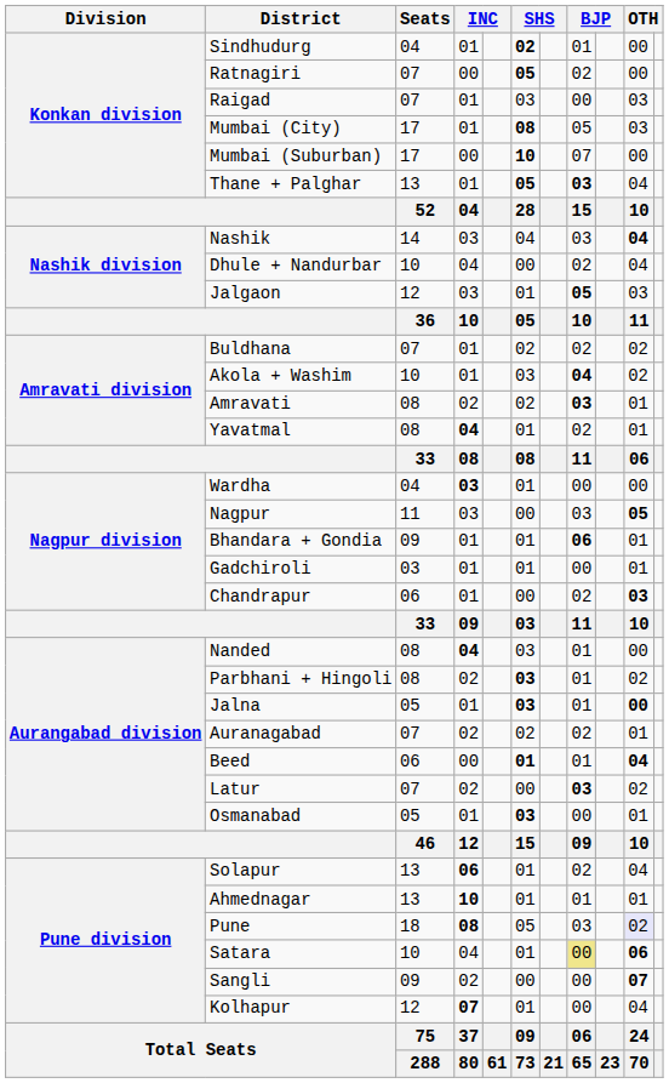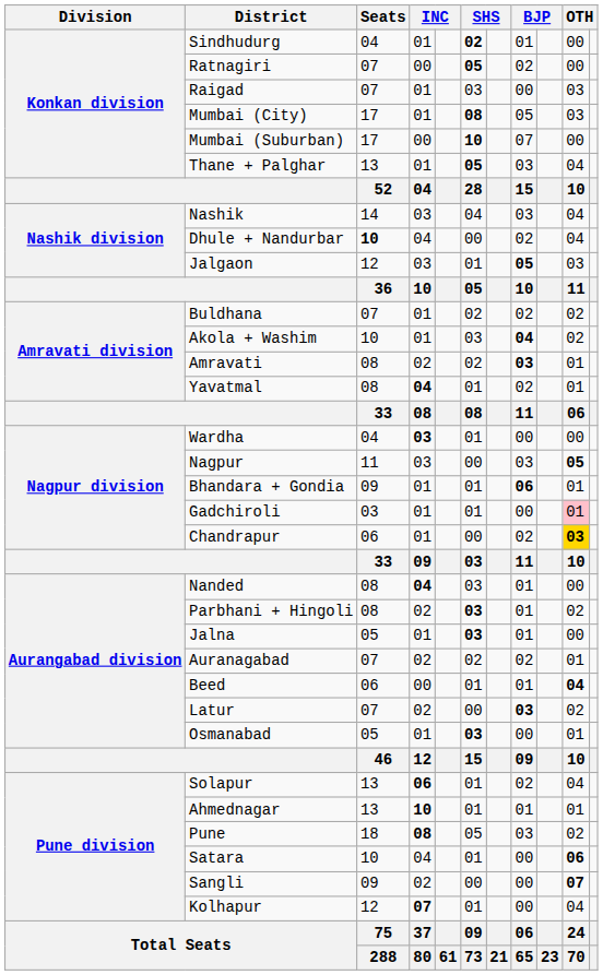 <table class="wikitable">
 <tr>
 <th>Division</th>
 <th>District</th>
 <th>Seats</th>
 <th colspan="2"><a href='#'>INC</a></th>
 <th colspan="2"><a href='#'>SHS</a></th>
 <th colspan="2"><a href='#'>BJP</a></th>
 <th colspan="2">OTH</th>
 </tr>
 <tr>
 <th rowspan="6"><a href='#'>Konkan division</a></th>
 <td>Sindhudurg</td>
 <td>04</td>
 <td>01</td>
 <td></td>
 <td><strong>02</strong></td>
 <td></td>
 <td>01</td>
 <td></td>
 <td>00</td>
 <td></td>
 </tr>
 <tr>
 <td>Ratnagiri</td>
 <td>07</td>
 <td>00</td>
 <td></td>
 <td><strong>05</strong></td>
 <td></td>
 <td>02</td>
 <td></td>
 <td>00</td>
 <td></td>
 </tr>
 <tr>
 <td>Raigad</td>
 <td>07</td>
 <td>01</td>
 <td></td>
 <td>03</td>
 <td></td>
 <td>00</td>
 <td></td>
 <td>03</td>
 <td></td>
 </tr>
 <tr>
 <td>Mumbai (City)</td>
 <td>17</td>
 <td>01</td>
 <td></td>
 <td><strong>08</strong></td>
 <td></td>
 <td>05</td>
 <td></td>
 <td>03</td>
 <td></td>
 </tr>
 <tr>
 <td>Mumbai (Suburban)</td>
 <td>17</td>
 <td>00</td>
 <td></td>
 <td><strong>10</strong></td>
 <td></td>
 <td>07</td>
 <td></td>
 <td>00</td>
 <td></td>
 </tr>
 <tr>
 <td>Thane + Palghar</td>
 <td>13</td>
 <td>01</td>
 <td></td>
 <td><strong>05</strong></td>
 <td></td>
-<td><strong>03</strong></td>
+<td>03</td>
 <td></td>
 <td>04</td>
 <td></td>
 </tr>
 <tr>
 <th colspan="2"></th>
 <th>52</th>
 <th>04</th>
 <th></th>
 <th>28</th>
 <th></th>
 <th>15</th>
 <th></th>
 <th>10</th>
 <th></th>
 </tr>
 <tr>
 <th rowspan="3"><a href='#'>Nashik division</a></th>
 <td>Nashik</td>
 <td>14</td>
 <td>03</td>
 <td></td>
 <td>04</td>
 <td></td>
 <td>03</td>
 <td></td>
-<td><strong>04</strong></td>
+<td>04</td>
 <td></td>
 </tr>
 <tr>
 <td>Dhule + Nandurbar</td>
-<td>10</td>
+<td><strong>10</strong></td>
 <td>04</td>
 <td></td>
 <td>00</td>
 <td></td>
 <td>02</td>
 <td></td>
 <td>04</td>
 <td></td>
 </tr>
 <tr>
 <td>Jalgaon</td>
 <td>12</td>
 <td>03</td>
 <td></td>
 <td>01</td>
 <td></td>
 <td><strong>05</strong></td>
 <td></td>
 <td>03</td>
 <td></td>
 </tr>
 <tr>
 <th colspan="2"></th>
 <th>36</th>
 <th>10</th>
 <th></th>
 <th>05</th>
 <th></th>
 <th>10</th>
 <th></th>
 <th>11</th>
 <th></th>
 </tr>
 <tr>
 <th rowspan="4"><a href='#'>Amravati division</a></th>
 <td>Buldhana</td>
 <td>07</td>
 <td>01</td>
 <td></td>
 <td>02</td>
 <td></td>
 <td>02</td>
 <td></td>
 <td>02</td>
 <td></td>
 </tr>
 <tr>
 <td>Akola + Washim</td>
 <td>10</td>
 <td>01</td>
 <td></td>
 <td>03</td>
 <td></td>
 <td><strong>04</strong></td>
 <td></td>
 <td>02</td>
 <td></td>
 </tr>
 <tr>
 <td>Amravati</td>
 <td>08</td>
 <td>02</td>
 <td></td>
 <td>02</td>
 <td></td>
 <td><strong>03</strong></td>
 <td></td>
 <td>01</td>
 <td></td>
 </tr>
 <tr>
 <td>Yavatmal</td>
 <td>08</td>
 <td><strong>04</strong></td>
 <td></td>
 <td>01</td>
 <td></td>
 <td>02</td>
 <td></td>
 <td>01</td>
 <td></td>
 </tr>
 <tr>
 <th colspan="2"></th>
 <th>33</th>
 <th>08</th>
 <th></th>
 <th>08</th>
 <th></th>
 <th>11</th>
 <th></th>
 <th>06</th>
 <th></th>
 </tr>
 <tr>
 <th rowspan="5"><a href='#'>Nagpur division</a></th>
 <td>Wardha</td>
 <td>04</td>
 <td><strong>03</strong></td>
 <td></td>
 <td>01</td>
 <td></td>
 <td>00</td>
 <td></td>
 <td>00</td>
 <td></td>
 </tr>
 <tr>
 <td>Nagpur</td>
 <td>11</td>
 <td>03</td>
 <td></td>
 <td>00</td>
 <td></td>
 <td>03</td>
 <td></td>
 <td><strong>05</strong></td>
 <td></td>
 </tr>
 <tr>
 <td>Bhandara + Gondia</td>
 <td>09</td>
 <td>01</td>
 <td></td>
 <td>01</td>
 <td></td>
 <td><strong>06</strong></td>
 <td></td>
 <td>01</td>
 <td></td>
 </tr>
 <tr>
 <td>Gadchiroli</td>
 <td>03</td>
 <td>01</td>
 <td></td>
 <td>01</td>
 <td></td>
 <td>00</td>
 <td></td>
-<td>01</td>
+<td style="background: pink;">01</td>
 <td></td>
 </tr>
 <tr>
 <td>Chandrapur</td>
 <td>06</td>
 <td>01</td>
 <td></td>
 <td>00</td>
 <td></td>
 <td>02</td>
 <td></td>
-<td><strong>03</strong></td>
+<td style="background: gold;"><strong>03</strong></td>
 <td></td>
 </tr>
 <tr>
 <th colspan="2"></th>
 <th>33</th>
 <th>09</th>
 <th></th>
 <th>03</th>
 <th></th>
 <th>11</th>
 <th></th>
 <th>10</th>
 <th></th>
 </tr>
 <tr>
 <th rowspan="7"><a href='#'>Aurangabad division</a></th>
 <td>Nanded</td>
 <td>08</td>
 <td><strong>04</strong></td>
 <td></td>
 <td>03</td>
 <td></td>
 <td>01</td>
 <td></td>
 <td>00</td>
 <td></td>
 </tr>
 <tr>
 <td>Parbhani + Hingoli</td>
 <td>08</td>
 <td>02</td>
 <td></td>
 <td><strong>03</strong></td>
 <td></td>
 <td>01</td>
 <td></td>
 <td>02</td>
 <td></td>
 </tr>
 <tr>
 <td>Jalna</td>
 <td>05</td>
 <td>01</td>
 <td></td>
 <td><strong>03</strong></td>
 <td></td>
 <td>01</td>
 <td></td>
-<td><strong>00</strong></td>
+<td>00</td>
 <td></td>
 </tr>
 <tr>
 <td>Auranagabad</td>
 <td>07</td>
 <td>02</td>
 <td></td>
 <td>02</td>
 <td></td>
 <td>02</td>
 <td></td>
 <td>01</td>
 <td></td>
 </tr>
 <tr>
 <td>Beed</td>
 <td>06</td>
 <td>00</td>
 <td></td>
-<td><strong>01</strong></td>
+<td>01</td>
 <td></td>
 <td>01</td>
 <td></td>
 <td><strong>04</strong></td>
 <td></td>
 </tr>
 <tr>
 <td>Latur</td>
 <td>07</td>
 <td>02</td>
 <td></td>
 <td>00</td>
 <td></td>
 <td><strong>03</strong></td>
 <td></td>
 <td>02</td>
 <td></td>
 </tr>
 <tr>
 <td>Osmanabad</td>
 <td>05</td>
 <td>01</td>
 <td></td>
 <td><strong>03</strong></td>
 <td></td>
 <td>00</td>
 <td></td>
 <td>01</td>
 <td></td>
 </tr>
 <tr>
 <th colspan="2"></th>
 <th>46</th>
 <th>12</th>
 <th></th>
 <th>15</th>
 <th></th>
 <th>09</th>
 <th></th>
 <th>10</th>
 <th></th>
 </tr>
 <tr>
 <th rowspan="6"><a href='#'>Pune division</a></th>
 <td>Solapur</td>
 <td>13</td>
 <td><strong>06</strong></td>
 <td></td>
 <td>01</td>
 <td></td>
 <td>02</td>
 <td></td>
 <td>04</td>
 <td></td>
 </tr>
 <tr>
 <td>Ahmednagar</td>
 <td>13</td>
 <td><strong>10</strong></td>
 <td></td>
 <td>01</td>
 <td></td>
 <td>01</td>
 <td></td>
 <td>01</td>
 <td></td>
 </tr>
 <tr>
 <td>Pune</td>
 <td>18</td>
 <td><strong>08</strong></td>
 <td></td>
 <td>05</td>
 <td></td>
 <td>03</td>
 <td></td>
-<td style="background: lavender;">02</td>
+<td>02</td>
 <td></td>
 </tr>
 <tr>
 <td>Satara</td>
 <td>10</td>
 <td>04</td>
 <td></td>
 <td>01</td>
 <td></td>
-<td style="background: khaki;">00</td>
+<td>00</td>
 <td></td>
 <td><strong>06</strong></td>
 <td></td>
 </tr>
 <tr>
 <td>Sangli</td>
 <td>09</td>
 <td>02</td>
 <td></td>
 <td>00</td>
 <td></td>
 <td>00</td>
 <td></td>
 <td><strong>07</strong></td>
 <td></td>
 </tr>
 <tr>
 <td>Kolhapur</td>
 <td>12</td>
 <td><strong>07</strong></td>
 <td></td>
 <td>01</td>
 <td></td>
 <td>00</td>
 <td></td>
 <td>04</td>
 <td></td>
 </tr>
 <tr>
 <th colspan="2" rowspan="2">Total Seats</th>
 <th>75</th>
 <th>37</th>
 <th></th>
 <th>09</th>
 <th></th>
 <th>06</th>
 <th></th>
 <th>24</th>
 <th></th>
 </tr>
 <tr>
 <th>288</th>
 <th>80</th>
 <th> 61</th>
 <th>73</th>
 <th> 21</th>
 <th>65</th>
 <th> 23</th>
 <th>70</th>
 <th></th>
 </tr>
 </table>
